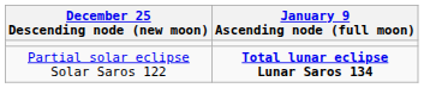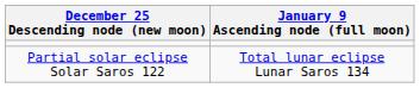 <table class="wikitable">
 <tr>
 <th><a href='#'>December 25</a><br>Descending node (new moon)<br></th>
 <th><a href='#'>January 9</a><br>Ascending node (full moon)<br></th>
 </tr>
 <tr>
 <td></td>
 <td></td>
 </tr>
 <tr align=center>
 <td><a href='#'>Partial solar eclipse</a><br>Solar Saros 122</td>
-<td><strong><a href='#'>Total lunar eclipse</a><br>Lunar Saros 134</strong></td>
+<td><a href='#'>Total lunar eclipse</a><br>Lunar Saros 134</td>
 </tr>
 </table>
